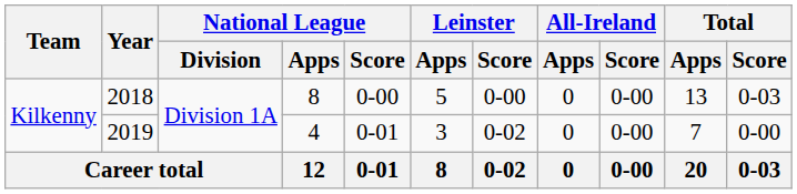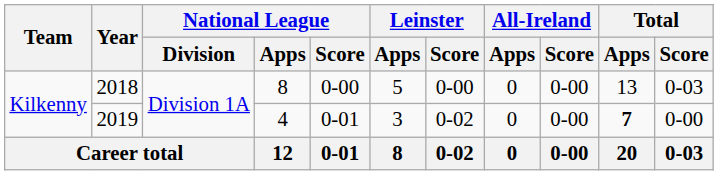 <table class="wikitable" style="text-align:center">
 <tr>
 <th rowspan="2">Team</th>
 <th rowspan="2">Year</th>
 <th colspan="3"><a href='#'>National League</a></th>
 <th colspan="2"><a href='#'>Leinster</a></th>
 <th colspan="2"><a href='#'>All-Ireland</a></th>
 <th colspan="2">Total</th>
 </tr>
 <tr>
 <th>Division</th>
 <th>Apps</th>
 <th>Score</th>
 <th>Apps</th>
 <th>Score</th>
 <th>Apps</th>
 <th>Score</th>
 <th>Apps</th>
 <th>Score</th>
 </tr>
 <tr>
 <td rowspan="2"><a href='#'>Kilkenny</a></td>
 <td>2018</td>
 <td rowspan="2"><a href='#'>Division 1A</a></td>
 <td>8</td>
 <td>0-00</td>
 <td>5</td>
 <td>0-00</td>
 <td>0</td>
 <td>0-00</td>
 <td>13</td>
 <td>0-03</td>
 </tr>
 <tr>
 <td>2019</td>
 <td>4</td>
 <td>0-01</td>
 <td>3</td>
 <td>0-02</td>
 <td>0</td>
 <td>0-00</td>
-<td>7</td>
+<td><strong>7</strong></td>
 <td>0-00</td>
 </tr>
 <tr>
 <th colspan="3">Career total</th>
 <th>12</th>
 <th>0-01</th>
 <th>8</th>
 <th>0-02</th>
 <th>0</th>
 <th>0-00</th>
 <th>20</th>
 <th>0-03</th>
 </tr>
 </table>
